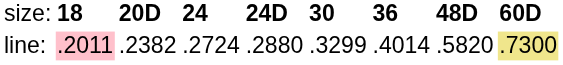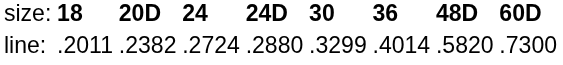 <table style="margin-left:40px;">
 <tr>
 <td>size:</td>
 <td><strong>18</strong></td>
 <td><strong>20D</strong></td>
 <td><strong>24</strong></td>
 <td><strong>24D</strong></td>
 <td><strong>30</strong></td>
 <td><strong>36</strong></td>
 <td><strong>48D</strong></td>
 <td><strong>60D</strong></td>
 </tr>
 <tr>
 <td>line:</td>
-<td style="background: pink;">.2011</td>
+<td>.2011</td>
 <td>.2382</td>
 <td>.2724</td>
 <td>.2880</td>
 <td>.3299</td>
 <td>.4014</td>
 <td>.5820</td>
-<td style="background: khaki;">.7300</td>
+<td>.7300</td>
 </tr>
 </table>
